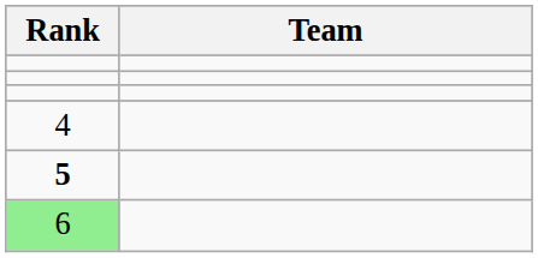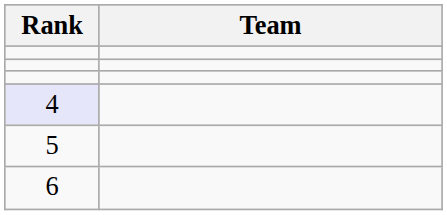 <table class="wikitable" style="text-align: center">
 <tr>
 <th width=50>Rank</th>
 <th width=200>Team</th>
 </tr>
 <tr>
 <td></td>
 <td align=left></td>
 </tr>
 <tr>
 <td></td>
 <td align=left></td>
 </tr>
 <tr>
 <td></td>
 <td align=left></td>
 </tr>
 <tr>
-<td>4</td>
+<td style="background: lavender;">4</td>
 <td align=left></td>
 </tr>
 <tr>
-<td><strong>5</strong></td>
+<td>5</td>
 <td align=left></td>
 </tr>
 <tr>
-<td style="background: lightgreen;">6</td>
+<td>6</td>
 <td align=left></td>
 </tr>
 </table>
